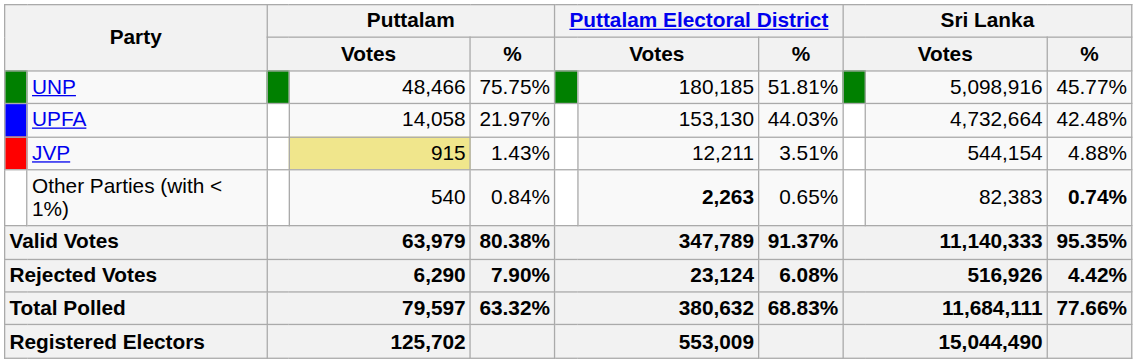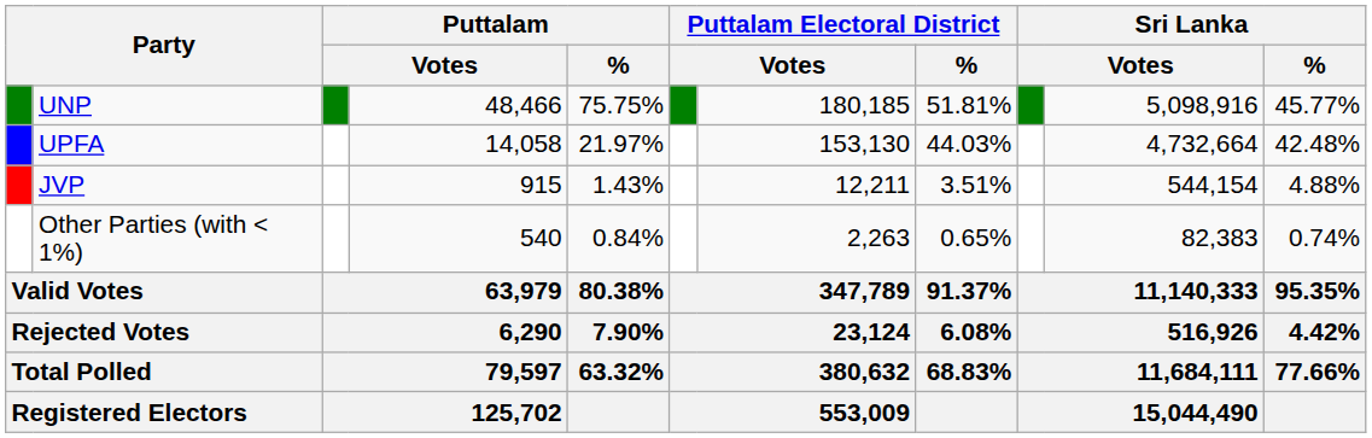 <table class="wikitable">
 <tr>
 <th colspan="2" width="144px"rowspan="2">Party</th>
 <th colspan="3" width="216px">Puttalam</th>
 <th colspan="3" width="216px"><a href='#'>Puttalam Electoral District</a></th>
 <th colspan="3" width="216px">Sri Lanka</th>
 </tr>
 <tr>
 <th colspan="2" width="144px">Votes</th>
 <th>%</th>
 <th colspan="2" width="144px">Votes</th>
 <th>%</th>
 <th colspan="2" width="144px">Votes</th>
 <th>%</th>
 </tr>
 <tr>
 <td style="background-color:green;" width="10px"></td>
 <td style="text-align:left;"><a href='#'>UNP</a></td>
 <td style="background-color:green;" width="10px"></td>
 <td style="text-align:right;">48,466</td>
 <td style="text-align:right;">75.75%</td>
 <td style="background-color:green;" width="10px"></td>
 <td style="text-align:right;">180,185</td>
 <td style="text-align:right;">51.81%</td>
 <td style="background-color:green;" width="10px"></td>
 <td style="text-align:right;">5,098,916</td>
 <td style="text-align:right;">45.77%</td>
 </tr>
 <tr>
 <td style="background-color:blue;" width="10px"></td>
 <td style="text-align:left;"><a href='#'>UPFA</a></td>
 <td style="background-color:white;" width="10px"></td>
 <td style="text-align:right;">14,058</td>
 <td style="text-align:right;">21.97%</td>
 <td style="background-color:white;" width="10px"></td>
 <td style="text-align:right;">153,130</td>
 <td style="text-align:right;">44.03%</td>
 <td style="background-color:white;" width="10px"></td>
 <td style="text-align:right;">4,732,664</td>
 <td style="text-align:right;">42.48%</td>
 </tr>
 <tr>
 <td style="background-color:red;" width="10px"></td>
 <td style="text-align:left;"><a href='#'>JVP</a></td>
 <td style="background-color:white;" width="10px"></td>
-<td style="background: khaki; text-align:right;">915</td>
+<td style="text-align:right;">915</td>
 <td style="text-align:right;">1.43%</td>
 <td style="background-color:white;" width="10px"></td>
 <td style="text-align:right;">12,211</td>
 <td style="text-align:right;">3.51%</td>
 <td style="background-color:white;" width="10px"></td>
 <td style="text-align:right;">544,154</td>
 <td style="text-align:right;">4.88%</td>
 </tr>
 <tr>
 <td style="background-color:white;" width="10px"></td>
 <td style="text-align:left;">Other Parties (with < 1%)</td>
 <td style="background-color:white;" width="10px"></td>
 <td style="text-align:right;">540</td>
 <td style="text-align:right;">0.84%</td>
 <td style="background-color:white;" width="10px"></td>
-<td style="text-align:right;"><strong>2,263</strong></td>
+<td style="text-align:right;">2,263</td>
 <td style="text-align:right;">0.65%</td>
 <td style="background-color:white;" width="10px"></td>
 <td style="text-align:right;">82,383</td>
-<td style="text-align:right;"><strong>0.74%</strong></td>
+<td style="text-align:right;">0.74%</td>
 </tr>
 <tr>
 <th colspan="2" width="144px"style="text-align:left;">Valid Votes</th>
 <th style="text-align:right;"colspan="2" width="144px">63,979</th>
 <th style="text-align:right;">80.38%</th>
 <th style="text-align:right;"colspan="2" width="144px">347,789</th>
 <th style="text-align:right;">91.37%</th>
 <th style="text-align:right;"colspan="2" width="144px">11,140,333</th>
 <th style="text-align:right;">95.35%</th>
 </tr>
 <tr>
 <th colspan="2" width="144px"style="text-align:left;">Rejected Votes</th>
 <th style="text-align:right;"colspan="2" width="144px">6,290</th>
 <th style="text-align:right;">7.90%</th>
 <th style="text-align:right;"colspan="2" width="144px">23,124</th>
 <th style="text-align:right;">6.08%</th>
 <th style="text-align:right;"colspan="2" width="144px">516,926</th>
 <th style="text-align:right;">4.42%</th>
 </tr>
 <tr>
 <th colspan="2" width="144px"style="text-align:left;">Total Polled</th>
 <th style="text-align:right;"colspan="2" width="144px">79,597</th>
 <th style="text-align:right;">63.32%</th>
 <th style="text-align:right;"colspan="2" width="144px">380,632</th>
 <th style="text-align:right;">68.83%</th>
 <th style="text-align:right;"colspan="2" width="144px">11,684,111</th>
 <th style="text-align:right;">77.66%</th>
 </tr>
 <tr>
 <th colspan="2" width="144px"style="text-align:left;">Registered Electors</th>
 <th style="text-align:right;"colspan="2" width="144px">125,702</th>
 <th></th>
 <th style="text-align:right;"colspan="2" width="144px">553,009</th>
 <th></th>
 <th style="text-align:right;"colspan="2" width="144px">15,044,490</th>
 <th></th>
 </tr>
 </table>
